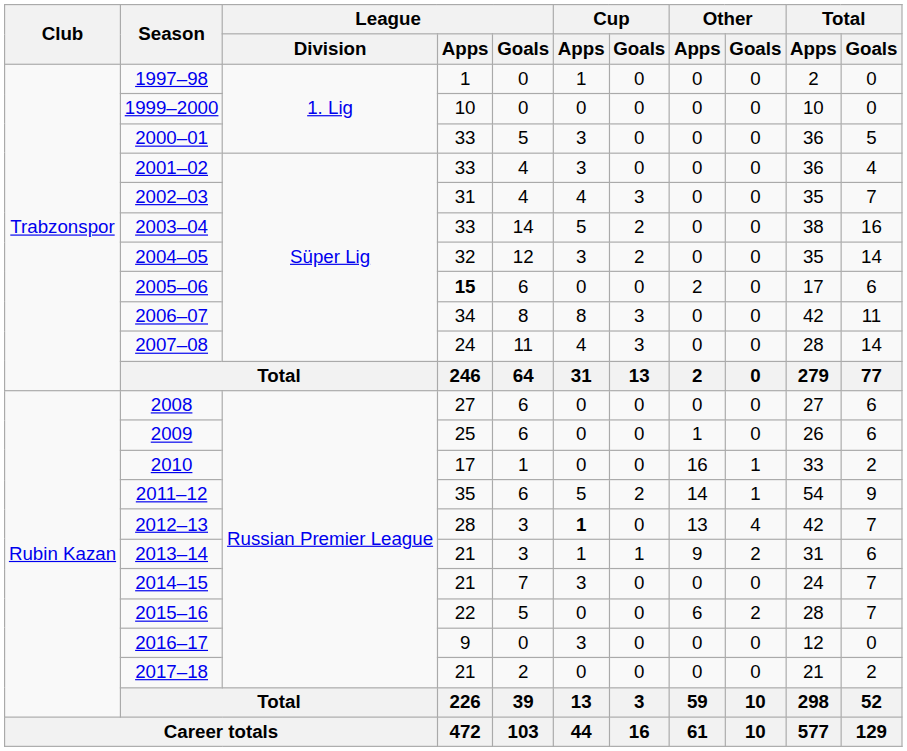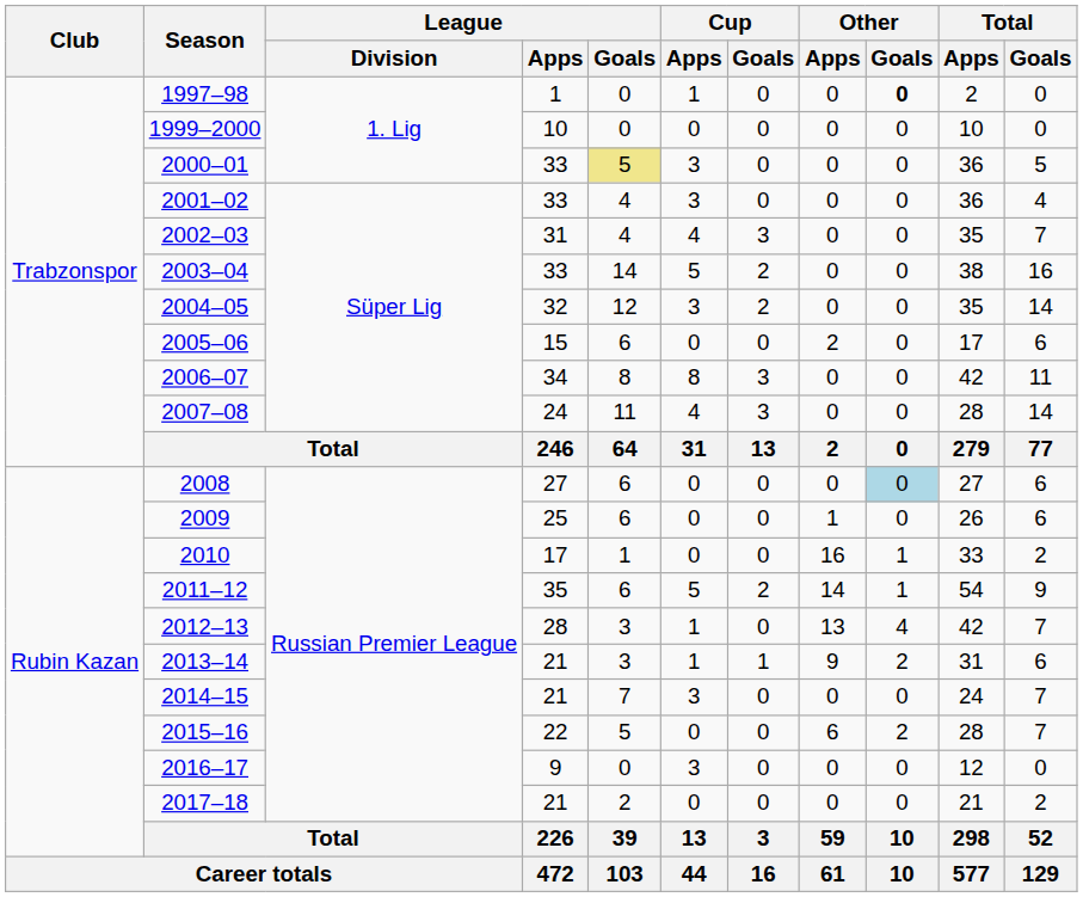 <table class="wikitable" style="text-align: center">
 <tr>
 <th rowspan=2>Club</th>
 <th rowspan=2>Season</th>
 <th colspan=3>League</th>
 <th colspan=2>Cup</th>
 <th colspan=2>Other</th>
 <th colspan=2>Total</th>
 </tr>
 <tr>
 <th>Division</th>
 <th>Apps</th>
 <th>Goals</th>
 <th>Apps</th>
 <th>Goals</th>
 <th>Apps</th>
 <th>Goals</th>
 <th>Apps</th>
 <th>Goals</th>
 </tr>
 <tr>
 <td rowspan=11><a href='#'>Trabzonspor</a></td>
 <td><a href='#'>1997–98</a></td>
 <td rowspan=3><a href='#'>1. Lig</a></td>
 <td>1</td>
 <td>0</td>
 <td>1</td>
 <td>0</td>
 <td>0</td>
-<td>0</td>
+<td><strong>0</strong></td>
 <td>2</td>
 <td>0</td>
 </tr>
 <tr>
 <td><a href='#'>1999–2000</a></td>
 <td>10</td>
 <td>0</td>
 <td>0</td>
 <td>0</td>
 <td>0</td>
 <td>0</td>
 <td>10</td>
 <td>0</td>
 </tr>
 <tr>
 <td><a href='#'>2000–01</a></td>
 <td>33</td>
-<td>5</td>
+<td style="background: khaki;">5</td>
 <td>3</td>
 <td>0</td>
 <td>0</td>
 <td>0</td>
 <td>36</td>
 <td>5</td>
 </tr>
 <tr>
 <td><a href='#'>2001–02</a></td>
 <td rowspan=7><a href='#'>Süper Lig</a></td>
 <td>33</td>
 <td>4</td>
 <td>3</td>
 <td>0</td>
 <td>0</td>
 <td>0</td>
 <td>36</td>
 <td>4</td>
 </tr>
 <tr>
 <td><a href='#'>2002–03</a></td>
 <td>31</td>
 <td>4</td>
 <td>4</td>
 <td>3</td>
 <td>0</td>
 <td>0</td>
 <td>35</td>
 <td>7</td>
 </tr>
 <tr>
 <td><a href='#'>2003–04</a></td>
 <td>33</td>
 <td>14</td>
 <td>5</td>
 <td>2</td>
 <td>0</td>
 <td>0</td>
 <td>38</td>
 <td>16</td>
 </tr>
 <tr>
 <td><a href='#'>2004–05</a></td>
 <td>32</td>
 <td>12</td>
 <td>3</td>
 <td>2</td>
 <td>0</td>
 <td>0</td>
 <td>35</td>
 <td>14</td>
 </tr>
 <tr>
 <td><a href='#'>2005–06</a></td>
-<td><strong>15</strong></td>
+<td>15</td>
 <td>6</td>
 <td>0</td>
 <td>0</td>
 <td>2</td>
 <td>0</td>
 <td>17</td>
 <td>6</td>
 </tr>
 <tr>
 <td><a href='#'>2006–07</a></td>
 <td>34</td>
 <td>8</td>
 <td>8</td>
 <td>3</td>
 <td>0</td>
 <td>0</td>
 <td>42</td>
 <td>11</td>
 </tr>
 <tr>
 <td><a href='#'>2007–08</a></td>
 <td>24</td>
 <td>11</td>
 <td>4</td>
 <td>3</td>
 <td>0</td>
 <td>0</td>
 <td>28</td>
 <td>14</td>
 </tr>
 <tr>
 <th colspan=2>Total</th>
 <th>246</th>
 <th>64</th>
 <th>31</th>
 <th>13</th>
 <th>2</th>
 <th>0</th>
 <th>279</th>
 <th>77</th>
 </tr>
 <tr>
 <td rowspan=11><a href='#'>Rubin Kazan</a></td>
 <td><a href='#'>2008</a></td>
 <td rowspan=10><a href='#'>Russian Premier League</a></td>
 <td>27</td>
 <td>6</td>
 <td>0</td>
 <td>0</td>
 <td>0</td>
-<td>0</td>
+<td style="background: lightblue;">0</td>
 <td>27</td>
 <td>6</td>
 </tr>
 <tr>
 <td><a href='#'>2009</a></td>
 <td>25</td>
 <td>6</td>
 <td>0</td>
 <td>0</td>
 <td>1</td>
 <td>0</td>
 <td>26</td>
 <td>6</td>
 </tr>
 <tr>
 <td><a href='#'>2010</a></td>
 <td>17</td>
 <td>1</td>
 <td>0</td>
 <td>0</td>
 <td>16</td>
 <td>1</td>
 <td>33</td>
 <td>2</td>
 </tr>
 <tr>
 <td><a href='#'>2011–12</a></td>
 <td>35</td>
 <td>6</td>
 <td>5</td>
 <td>2</td>
 <td>14</td>
 <td>1</td>
 <td>54</td>
 <td>9</td>
 </tr>
 <tr>
 <td><a href='#'>2012–13</a></td>
 <td>28</td>
 <td>3</td>
-<td><strong>1</strong></td>
+<td>1</td>
 <td>0</td>
 <td>13</td>
 <td>4</td>
 <td>42</td>
 <td>7</td>
 </tr>
 <tr>
 <td><a href='#'>2013–14</a></td>
 <td>21</td>
 <td>3</td>
 <td>1</td>
 <td>1</td>
 <td>9</td>
 <td>2</td>
 <td>31</td>
 <td>6</td>
 </tr>
 <tr>
 <td><a href='#'>2014–15</a></td>
 <td>21</td>
 <td>7</td>
 <td>3</td>
 <td>0</td>
 <td>0</td>
 <td>0</td>
 <td>24</td>
 <td>7</td>
 </tr>
 <tr>
 <td><a href='#'>2015–16</a></td>
 <td>22</td>
 <td>5</td>
 <td>0</td>
 <td>0</td>
 <td>6</td>
 <td>2</td>
 <td>28</td>
 <td>7</td>
 </tr>
 <tr>
 <td><a href='#'>2016–17</a></td>
 <td>9</td>
 <td>0</td>
 <td>3</td>
 <td>0</td>
 <td>0</td>
 <td>0</td>
 <td>12</td>
 <td>0</td>
 </tr>
 <tr>
 <td><a href='#'>2017–18</a></td>
 <td>21</td>
 <td>2</td>
 <td>0</td>
 <td>0</td>
 <td>0</td>
 <td>0</td>
 <td>21</td>
 <td>2</td>
 </tr>
 <tr>
 <th colspan=2>Total</th>
 <th>226</th>
 <th>39</th>
 <th>13</th>
 <th>3</th>
 <th>59</th>
 <th>10</th>
 <th>298</th>
 <th>52</th>
 </tr>
 <tr>
 <th colspan=3>Career totals</th>
 <th>472</th>
 <th>103</th>
 <th>44</th>
 <th>16</th>
 <th>61</th>
 <th>10</th>
 <th>577</th>
 <th>129</th>
 </tr>
 </table>
